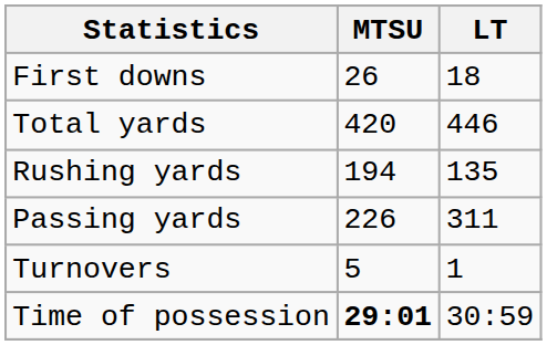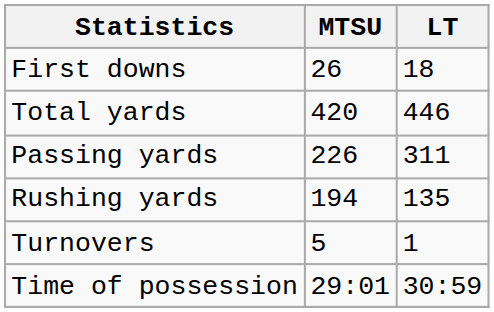 <table class="wikitable">
 <tr>
 <th>Statistics</th>
 <th>MTSU</th>
 <th>LT</th>
 </tr>
 <tr>
 <td>First downs</td>
 <td>26</td>
 <td>18</td>
 </tr>
 <tr>
 <td>Total yards</td>
 <td>420</td>
 <td>446</td>
 </tr>
 <tr>
+<td>Passing yards</td>
+<td>226</td>
+<td>311</td>
+</tr>
+<tr>
 <td>Rushing yards</td>
 <td>194</td>
 <td>135</td>
-</tr>
-<tr>
-<td>Passing yards</td>
-<td>226</td>
-<td>311</td>
 </tr>
 <tr>
 <td>Turnovers</td>
 <td>5</td>
 <td>1</td>
 </tr>
 <tr>
 <td>Time of possession</td>
-<td><strong>29:01</strong></td>
+<td>29:01</td>
 <td>30:59</td>
 </tr>
 <tr>
 </tr>
 </table>
